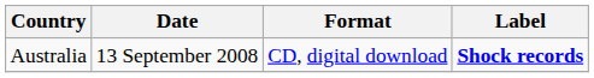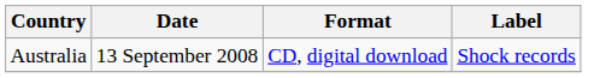 <table class="wikitable" border="1">
 <tr>
 <th scope="col">Country</th>
 <th scope="col">Date</th>
 <th scope="col">Format</th>
 <th scope="col">Label</th>
 </tr>
 <tr>
 <td>Australia</td>
 <td>13 September 2008</td>
 <td><a href='#'>CD</a>, <a href='#'>digital download</a></td>
-<td><strong><a href='#'>Shock records</a></strong></td>
+<td><a href='#'>Shock records</a></td>
 </tr>
 <tr>
 </tr>
 </table>
